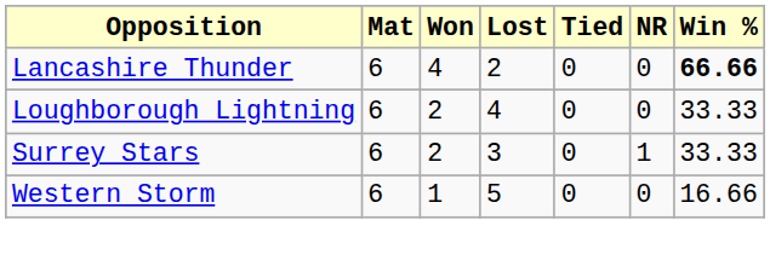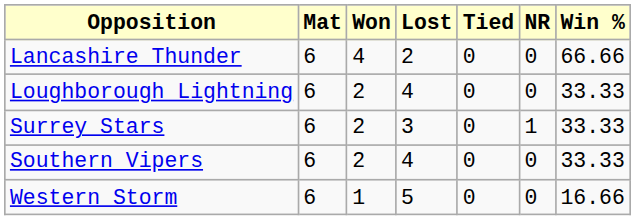 <table class="wikitable sortable">
 <tr>
 <th style="background:#ffc;">Opposition</th>
 <th style="background:#ffc;">Mat</th>
 <th style="background:#ffc;">Won</th>
 <th style="background:#ffc;">Lost</th>
 <th style="background:#ffc;">Tied</th>
 <th style="background:#ffc;">NR</th>
 <th style="background:#ffc;">Win %</th>
 </tr>
 <tr>
 <td><a href='#'>Lancashire Thunder</a></td>
 <td>6</td>
 <td>4</td>
 <td>2</td>
 <td>0</td>
 <td>0</td>
-<td><strong>66.66</strong></td>
+<td>66.66</td>
 </tr>
 <tr>
 <td><a href='#'>Loughborough Lightning</a></td>
 <td>6</td>
 <td>2</td>
 <td>4</td>
 <td>0</td>
 <td>0</td>
 <td>33.33</td>
 </tr>
 <tr>
 <td><a href='#'>Surrey Stars</a></td>
 <td>6</td>
 <td>2</td>
 <td>3</td>
 <td>0</td>
 <td>1</td>
 <td>33.33</td>
 </tr>
 <tr>
+<td><a href='#'>Southern Vipers</a></td>
+<td>6</td>
+<td>2</td>
+<td>4</td>
+<td>0</td>
+<td>0</td>
+<td>33.33</td>
+</tr>
+<tr>
 <td><a href='#'>Western Storm</a></td>
 <td>6</td>
 <td>1</td>
 <td>5</td>
 <td>0</td>
 <td>0</td>
 <td>16.66</td>
 </tr>
 </table>
